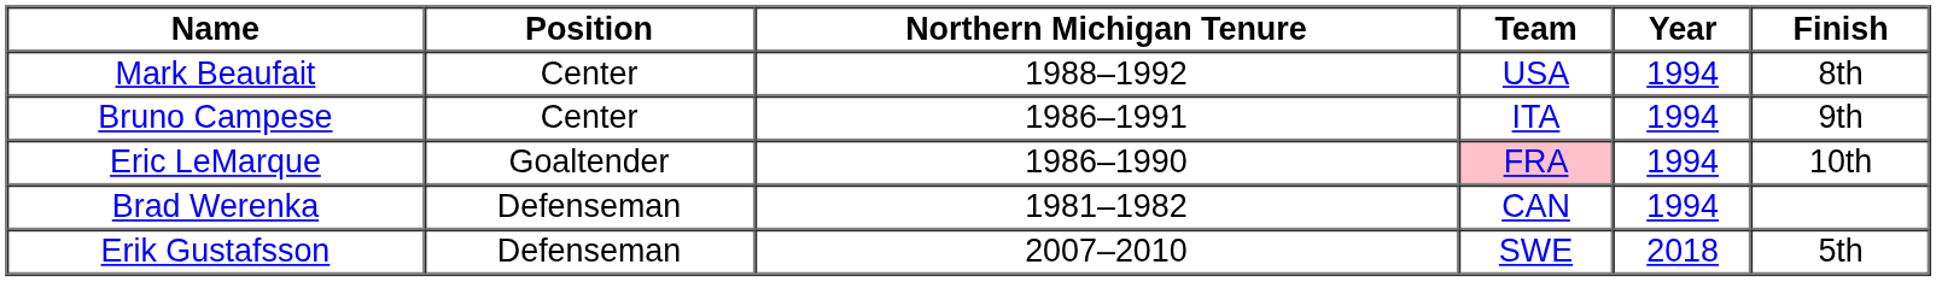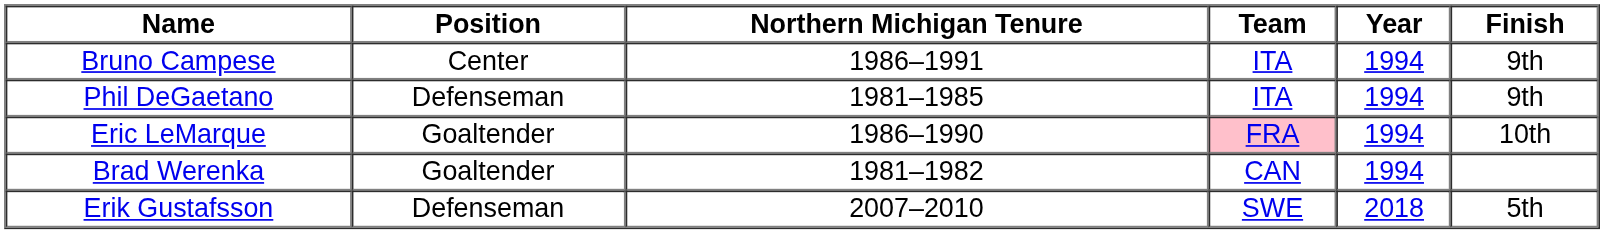 <table cellpadding="1" border="1" cellspacing="0" width="60%">
 <tr>
 <th>Name</th>
 <th>Position</th>
 <th>Northern Michigan Tenure</th>
 <th>Team</th>
 <th>Year</th>
 <th>Finish</th>
 </tr>
 <tr align="center">
-<td><a href='#'>Mark Beaufait</a></td>
-<td>Center</td>
-<td>1988–1992</td>
-<td> <a href='#'>USA</a></td>
-<td><a href='#'>1994</a></td>
-<td>8th</td>
-</tr>
-<tr align="center">
 <td><a href='#'>Bruno Campese</a></td>
 <td>Center</td>
 <td>1986–1991</td>
+<td> <a href='#'>ITA</a></td>
+<td><a href='#'>1994</a></td>
+<td>9th</td>
+</tr>
+<tr align="center">
+<td><a href='#'>Phil DeGaetano</a></td>
+<td>Defenseman</td>
+<td>1981–1985</td>
 <td> <a href='#'>ITA</a></td>
 <td><a href='#'>1994</a></td>
 <td>9th</td>
 </tr>
 <tr align="center">
 <td><a href='#'>Eric LeMarque</a></td>
 <td>Goaltender</td>
 <td>1986–1990</td>
 <td style="background: pink;"> <a href='#'>FRA</a></td>
 <td><a href='#'>1994</a></td>
 <td>10th</td>
 </tr>
 <tr align="center">
 <td><a href='#'>Brad Werenka</a></td>
-<td>Defenseman</td>
+<td>Goaltender</td>
 <td>1981–1982</td>
 <td> <a href='#'>CAN</a></td>
 <td><a href='#'>1994</a></td>
 <td></td>
 </tr>
 <tr align="center">
 <td><a href='#'>Erik Gustafsson</a></td>
 <td>Defenseman</td>
 <td>2007–2010</td>
 <td> <a href='#'>SWE</a></td>
 <td><a href='#'>2018</a></td>
 <td>5th</td>
 </tr>
 <tr align="center">
 </tr>
 </table>
